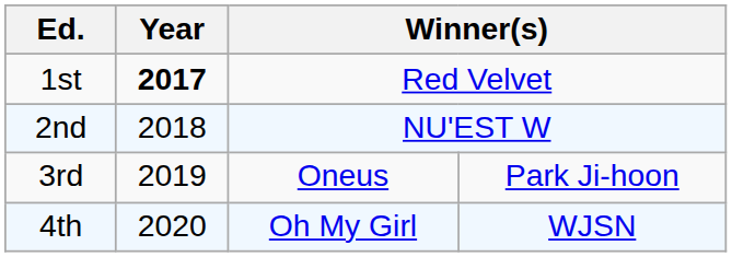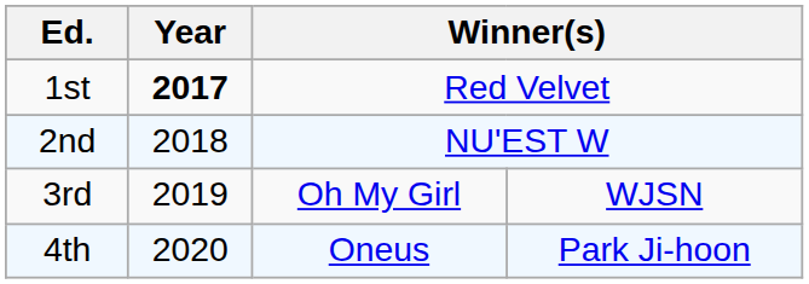 <table class="wikitable" style="text-align:center">
 <tr>
 <th width="50">Ed.</th>
 <th width="50">Year</th>
 <th width="250" colspan="2">Winner(s)</th>
 </tr>
 <tr>
 <td>1st</td>
 <td><strong>2017</strong></td>
 <td colspan="2"><a href='#'>Red Velvet</a></td>
 </tr>
 <tr style="background:#f0f8ff;">
 <td>2nd</td>
 <td>2018</td>
 <td colspan="2"><a href='#'>NU'EST W</a></td>
 </tr>
 <tr>
 <td>3rd</td>
 <td>2019</td>
-<td><a href='#'>Oneus</a></td>
-<td><a href='#'>Park Ji-hoon</a></td>
+<td><a href='#'>Oh My Girl</a></td>
+<td><a href='#'>WJSN</a></td>
 </tr>
 <tr style="background:#f0f8ff;">
 <td>4th</td>
 <td>2020</td>
-<td><a href='#'>Oh My Girl</a></td>
-<td><a href='#'>WJSN</a></td>
+<td><a href='#'>Oneus</a></td>
+<td><a href='#'>Park Ji-hoon</a></td>
 </tr>
 </table>
